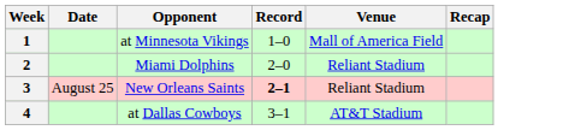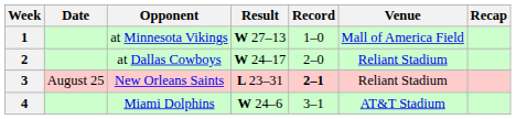 <table class="wikitable" style="text-align:center">
 <tr>
 <th>Week</th>
 <th>Date</th>
 <th>Opponent</th>
+<th>Result</th>
 <th>Record</th>
 <th>Venue</th>
 <th>Recap</th>
 </tr>
 <tr style="background:#cfc">
 <th>1</th>
 <td></td>
 <td>at <a href='#'>Minnesota Vikings</a></td>
+<td><strong>W</strong> 27–13</td>
 <td>1–0</td>
 <td><a href='#'>Mall of America Field</a></td>
 <td></td>
 </tr>
 <tr style="background:#cfc">
 <th>2</th>
 <td></td>
-<td><a href='#'>Miami Dolphins</a></td>
+<td>at <a href='#'>Dallas Cowboys</a></td>
+<td><strong>W</strong> 24–17</td>
 <td>2–0</td>
 <td><a href='#'>Reliant Stadium</a></td>
 <td></td>
 </tr>
 <tr style="background:#fcc">
 <th>3</th>
 <td>August 25</td>
 <td><a href='#'>New Orleans Saints</a></td>
+<td><strong>L </strong>23–31</td>
 <td><strong>2–1</strong></td>
 <td>Reliant Stadium</td>
 <td></td>
 </tr>
 <tr style="background:#cfc">
 <th>4</th>
 <td></td>
-<td>at <a href='#'>Dallas Cowboys</a></td>
+<td><a href='#'>Miami Dolphins</a></td>
+<td><strong>W</strong> 24–6</td>
 <td>3–1</td>
 <td><a href='#'>AT&T Stadium</a></td>
 <td></td>
 </tr>
 </table>
